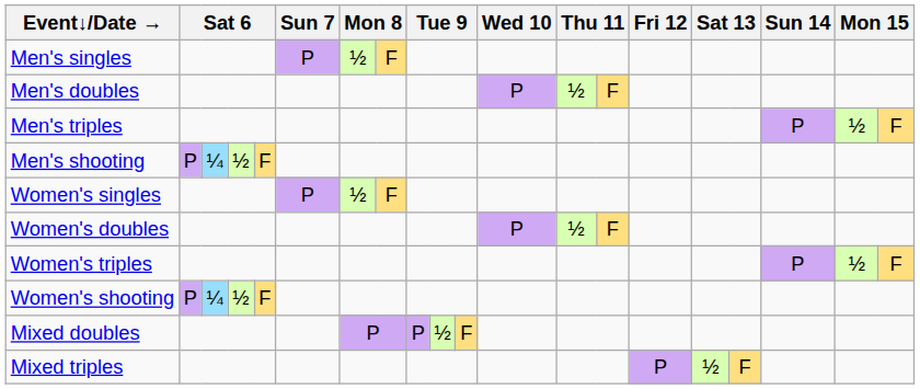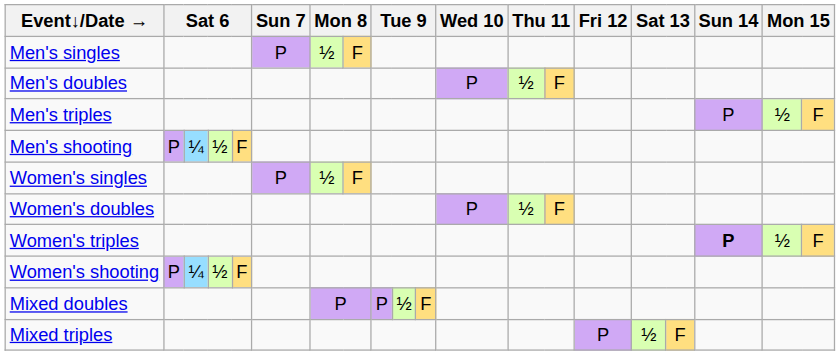 <table class="wikitable" style="margin:0.5em auto; font-size:90%; line-height:1.25em; text-align:center;">
 <tr>
 <th>Event↓/Date →</th>
 <th colspan="4">Sat 6</th>
 <th>Sun 7</th>
 <th colspan="2">Mon 8</th>
 <th colspan="3">Tue 9</th>
 <th colspan="2">Wed 10</th>
 <th colspan="2">Thu 11</th>
 <th>Fri 12</th>
 <th colspan="2">Sat 13</th>
 <th>Sun 14</th>
 <th colspan="2">Mon 15</th>
 </tr>
 <tr>
 <td style="text-align:left;"><a href='#'>Men's singles</a></td>
 <td colspan="4"></td>
 <td style="background-color:#D0A9F5;">P</td>
 <td style="background-color:#D9FFB2;">½</td>
 <td style="background-color:#FFDF80;">F</td>
 <td colspan="3"></td>
 <td colspan="2"></td>
 <td colspan="2"></td>
 <td></td>
 <td colspan="2"></td>
 <td></td>
 <td colspan="2"></td>
 </tr>
 <tr>
 <td style="text-align:left;"><a href='#'>Men's doubles</a></td>
 <td colspan="4"></td>
 <td></td>
 <td colspan="2"></td>
 <td colspan="3"></td>
 <td colspan="2" style="background-color:#D0A9F5;">P</td>
 <td style="background-color:#D9FFB2;">½</td>
 <td style="background-color:#FFDF80;">F</td>
 <td></td>
 <td colspan="2"></td>
 <td></td>
 <td colspan="2"></td>
 </tr>
 <tr>
 <td style="text-align:left;"><a href='#'>Men's triples</a></td>
 <td colspan="4"></td>
 <td></td>
 <td colspan="2"></td>
 <td colspan="3"></td>
 <td colspan="2"></td>
 <td colspan="2"></td>
 <td></td>
 <td colspan="2"></td>
 <td style="background-color:#D0A9F5;">P</td>
 <td style="background-color:#D9FFB2;">½</td>
 <td style="background-color:#FFDF80;">F</td>
 </tr>
 <tr>
 <td style="text-align:left;"><a href='#'>Men's shooting</a></td>
 <td style="background-color:#D0A9F5;">P</td>
 <td style="background-color:#97DEFF;">¼</td>
 <td style="background-color:#D9FFB2;">½</td>
 <td style="background-color:#FFDF80;">F</td>
 <td></td>
 <td colspan="2"></td>
 <td colspan="3"></td>
 <td colspan="2"></td>
 <td colspan="2"></td>
 <td></td>
 <td colspan="2"></td>
 <td></td>
 <td colspan="2"></td>
 </tr>
 <tr>
 <td style="text-align:left;"><a href='#'>Women's singles</a></td>
 <td colspan="4"></td>
 <td style="background-color:#D0A9F5;">P</td>
 <td style="background-color:#D9FFB2;">½</td>
 <td style="background-color:#FFDF80;">F</td>
 <td colspan="3"></td>
 <td colspan="2"></td>
 <td colspan="2"></td>
 <td></td>
 <td colspan="2"></td>
 <td></td>
 <td colspan="2"></td>
 </tr>
 <tr>
 <td style="text-align:left;"><a href='#'>Women's doubles</a></td>
 <td colspan="4"></td>
 <td></td>
 <td colspan="2"></td>
 <td colspan="3"></td>
 <td colspan="2" style="background-color:#D0A9F5;">P</td>
 <td style="background-color:#D9FFB2;">½</td>
 <td style="background-color:#FFDF80;">F</td>
 <td></td>
 <td colspan="2"></td>
 <td></td>
 <td colspan="2"></td>
 </tr>
 <tr>
 <td style="text-align:left;"><a href='#'>Women's triples</a></td>
 <td colspan="4"></td>
 <td></td>
 <td colspan="2"></td>
 <td colspan="3"></td>
 <td colspan="2"></td>
 <td colspan="2"></td>
 <td></td>
 <td colspan="2"></td>
-<td style="background-color:#D0A9F5;">P</td>
+<td style="background-color:#D0A9F5;"><strong>P</strong></td>
 <td style="background-color:#D9FFB2;">½</td>
 <td style="background-color:#FFDF80;">F</td>
 </tr>
 <tr>
 <td style="text-align:left;"><a href='#'>Women's shooting</a></td>
 <td style="background-color:#D0A9F5;">P</td>
 <td style="background-color:#97DEFF;">¼</td>
 <td style="background-color:#D9FFB2;">½</td>
 <td style="background-color:#FFDF80;">F</td>
 <td></td>
 <td colspan="2"></td>
 <td colspan="3"></td>
 <td colspan="2"></td>
 <td colspan="2"></td>
 <td></td>
 <td colspan="2"></td>
 <td></td>
 <td colspan="2"></td>
 </tr>
 <tr>
 <td style="text-align:left;"><a href='#'>Mixed doubles</a></td>
 <td colspan="4"></td>
 <td></td>
 <td colspan="2" style="background-color:#D0A9F5;">P</td>
 <td style="background-color:#D0A9F5;">P</td>
 <td style="background-color:#D9FFB2;">½</td>
 <td style="background-color:#FFDF80;">F</td>
 <td colspan="2"></td>
 <td colspan="2"></td>
 <td></td>
 <td colspan="2"></td>
 <td></td>
 <td colspan="2"></td>
 </tr>
 <tr>
 <td style="text-align:left;"><a href='#'>Mixed triples</a></td>
 <td colspan="4"></td>
 <td></td>
 <td colspan="2"></td>
 <td colspan="3"></td>
 <td colspan="2"></td>
 <td colspan="2"></td>
 <td style="background-color:#D0A9F5;">P</td>
 <td style="background-color:#D9FFB2;">½</td>
 <td style="background-color:#FFDF80;">F</td>
 <td></td>
 <td colspan="2"></td>
 </tr>
 </table>
